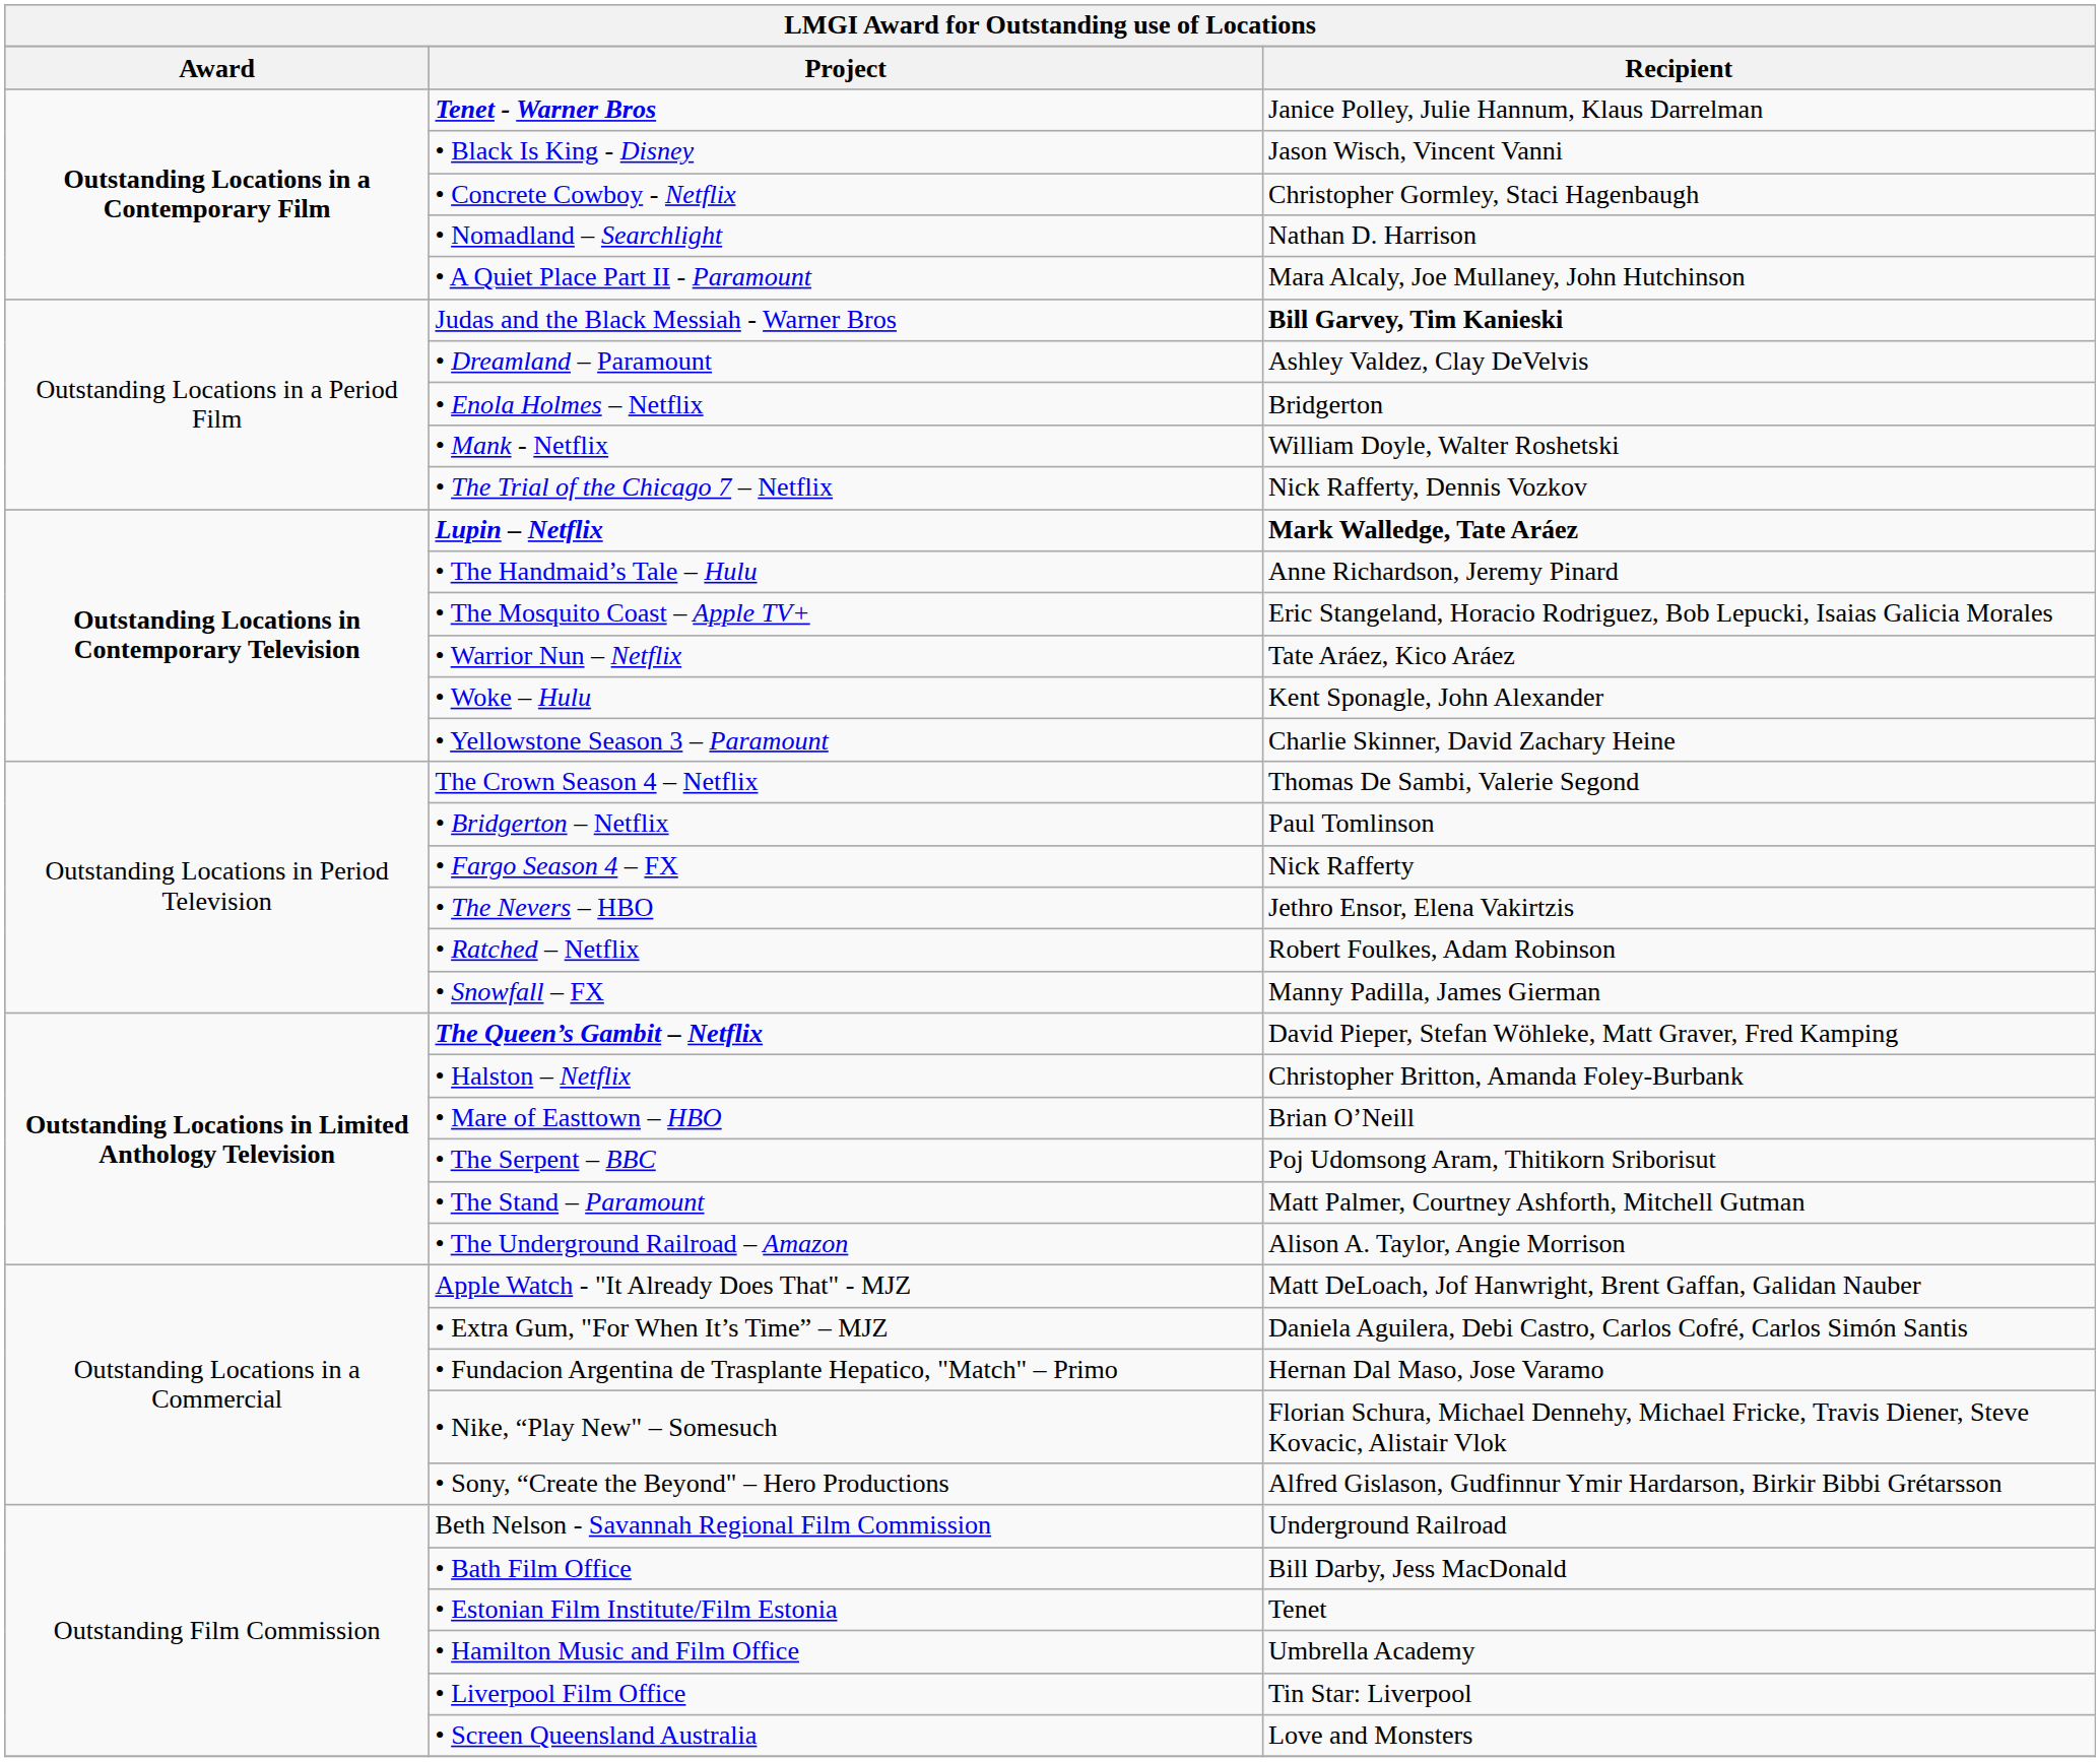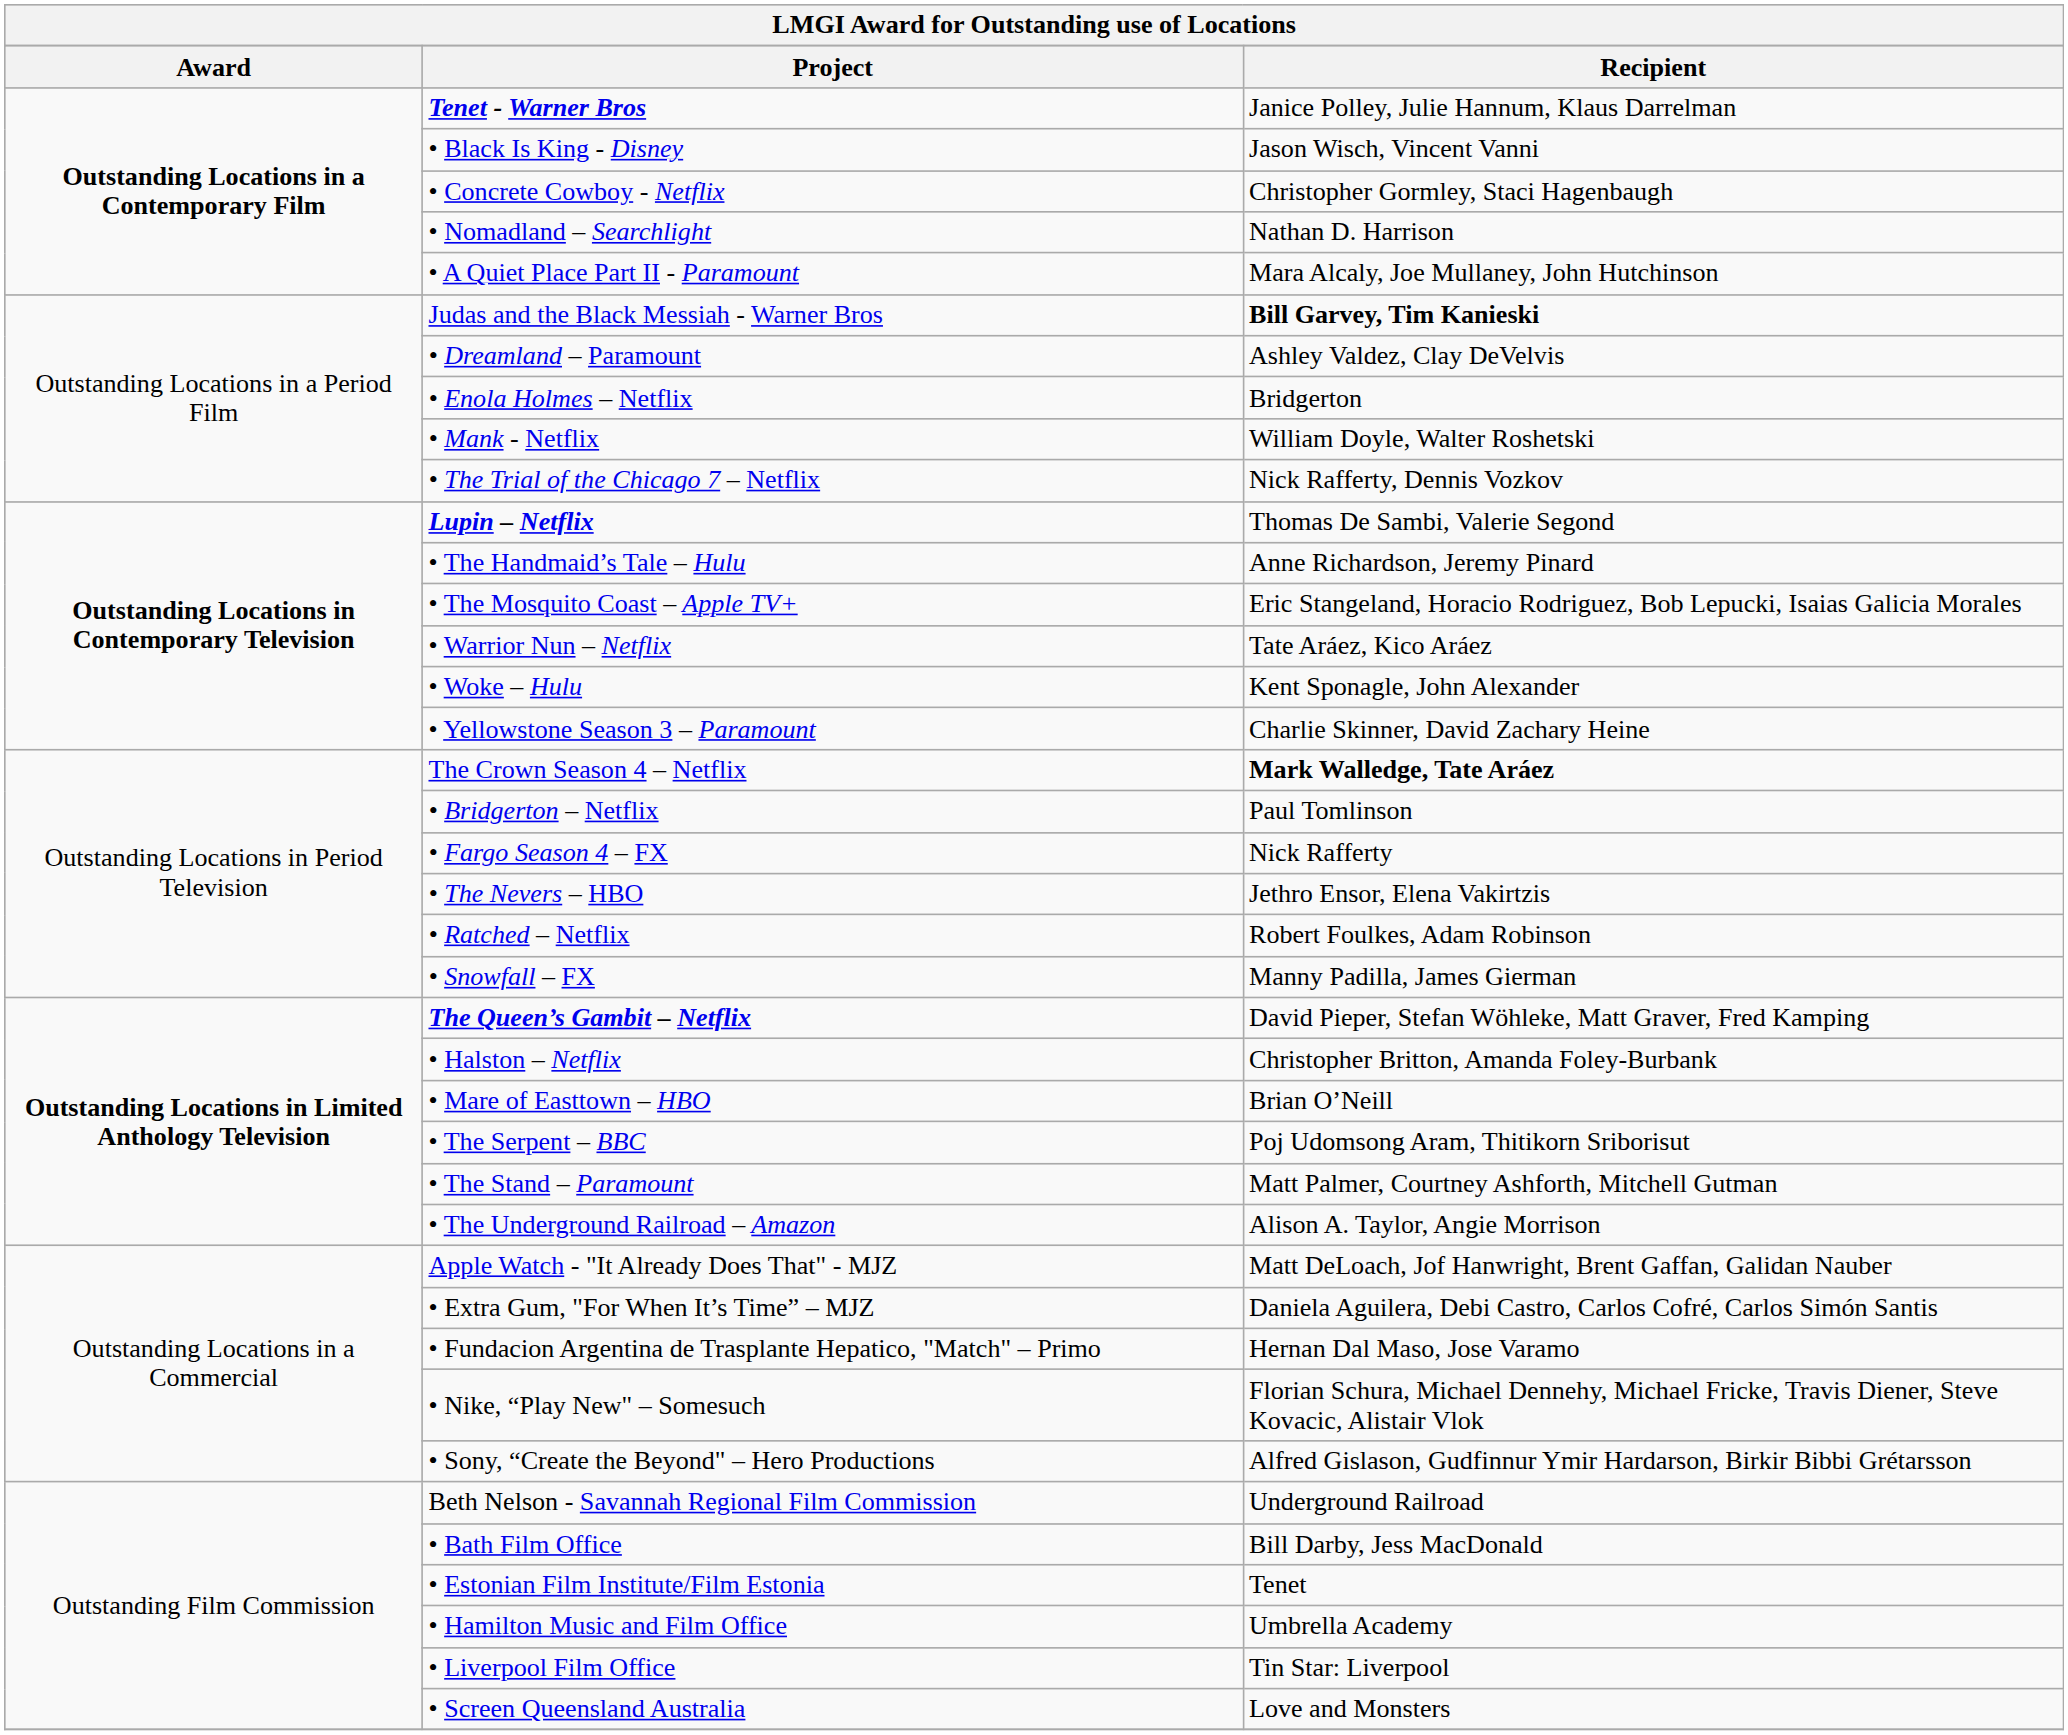 <table class=wikitable width="100%">
 <tr>
 <th colspan="3">LMGI Award for Outstanding use of Locations</th>
 </tr>
 <tr>
 </tr>
 <tr>
 <th width="200"><strong>Award</strong></th>
 <th width="400"><strong>Project</strong></th>
 <th width="400"><strong>Recipient</strong></th>
 </tr>
 <tr>
 <td rowspan="5" style="text-align:center;"><strong>Outstanding Locations in a Contemporary Film</strong></td>
 <td><strong><em> <a href='#'>Tenet</a><em> - <a href='#'>Warner Bros</a><strong></td>
 <td></strong>Janice Polley, Julie Hannum, Klaus Darrelman<strong></td>
 </tr>
 <tr>
 <td></em>• <a href='#'>Black Is King</a><em> - <a href='#'>Disney</a></td>
 <td>Jason Wisch, Vincent Vanni</td>
 </tr>
 <tr>
 <td></em>• <a href='#'>Concrete Cowboy</a><em> - <a href='#'>Netflix</a></td>
 <td>Christopher Gormley, Staci Hagenbaugh</td>
 </tr>
 <tr>
 <td></em>• <a href='#'>Nomadland</a><em> – <a href='#'>Searchlight</a></td>
 <td>Nathan D. Harrison</td>
 </tr>
 <tr>
 <td></em>• <a href='#'>A Quiet Place Part II</a><em> - <a href='#'>Paramount</a></td>
 <td>Mara Alcaly, Joe Mullaney, John Hutchinson</td>
 </tr>
 <tr>
 <td rowspan="5" style="text-align:center;"></strong>Outstanding Locations in a Period Film<strong></td>
 <td></em></strong><a href='#'>Judas and the Black Messiah</a></em> - <a href='#'>Warner Bros</a></strong></td>
 <td><strong>Bill Garvey, Tim Kanieski</strong></td>
 </tr>
 <tr>
 <td><em>• <a href='#'>Dreamland</a></em> – <a href='#'>Paramount</a></td>
 <td>Ashley Valdez, Clay DeVelvis</td>
 </tr>
 <tr>
 <td><em>• <a href='#'>Enola Holmes</a></em> – <a href='#'>Netflix</a></td>
 <td></em>Bridgerton<em></td>
 </tr>
 <tr>
 <td><em>• <a href='#'>Mank</a></em> - <a href='#'>Netflix</a></td>
 <td>William Doyle, Walter Roshetski</td>
 </tr>
 <tr>
 <td><em>• <a href='#'>The Trial of the Chicago 7</a></em> – <a href='#'>Netflix</a></td>
 <td>Nick Rafferty, Dennis Vozkov</td>
 </tr>
 <tr>
 <td rowspan="6" style="text-align:center;"><strong>Outstanding Locations in Contemporary Television</strong></td>
 <td><strong><em><a href='#'>Lupin</a><em> – <a href='#'>Netflix</a><strong></td>
-<td><strong>Mark Walledge, Tate Aráez</strong></td>
+<td></strong>Thomas De Sambi, Valerie Segond<strong></td>
 </tr>
 <tr>
 <td></em>• <a href='#'>The Handmaid’s Tale</a><em> – <a href='#'>Hulu</a></td>
 <td>Anne Richardson, Jeremy Pinard</td>
 </tr>
 <tr>
 <td></em>• <a href='#'>The Mosquito Coast</a><em> – <a href='#'>Apple TV+</a></td>
 <td>Eric Stangeland, Horacio Rodriguez, Bob Lepucki, Isaias Galicia Morales</td>
 </tr>
 <tr>
 <td></em>• <a href='#'>Warrior Nun</a><em> – <a href='#'>Netflix</a></td>
 <td>Tate Aráez, Kico Aráez</td>
 </tr>
 <tr>
 <td></em>• <a href='#'>Woke</a><em> – <a href='#'>Hulu</a></td>
 <td>Kent Sponagle, John Alexander</td>
 </tr>
 <tr>
 <td></em>• <a href='#'>Yellowstone Season 3</a><em> – <a href='#'>Paramount</a></td>
 <td>Charlie Skinner, David Zachary Heine</td>
 </tr>
 <tr>
 <td rowspan="6" style="text-align:center;"></strong>Outstanding Locations in Period Television<strong></td>
 <td></em></strong> <a href='#'>The Crown Season 4</a></em> – <a href='#'>Netflix</a></strong></td>
-<td></strong>Thomas De Sambi, Valerie Segond<strong></td>
+<td><strong>Mark Walledge, Tate Aráez</strong></td>
 </tr>
 <tr>
 <td><em>• <a href='#'>Bridgerton</a></em> – <a href='#'>Netflix</a></td>
 <td>Paul Tomlinson</td>
 </tr>
 <tr>
 <td><em>• <a href='#'>Fargo Season 4</a></em> – <a href='#'>FX</a></td>
 <td>Nick Rafferty</td>
 </tr>
 <tr>
 <td><em>• <a href='#'>The Nevers</a></em> – <a href='#'>HBO</a></td>
 <td>Jethro Ensor, Elena Vakirtzis</td>
 </tr>
 <tr>
 <td><em>• <a href='#'>Ratched</a></em> – <a href='#'>Netflix</a></td>
 <td>Robert Foulkes, Adam Robinson</td>
 </tr>
 <tr>
 <td><em>• <a href='#'>Snowfall</a></em> – <a href='#'>FX</a></td>
 <td>Manny Padilla, James Gierman</td>
 </tr>
 <tr>
 <td rowspan="6" style="text-align:center;"><strong>Outstanding Locations in Limited Anthology Television</strong></td>
 <td><strong><em><a href='#'>The Queen’s Gambit</a><em> – <a href='#'>Netflix</a><strong></td>
 <td></strong>David Pieper, Stefan Wöhleke, Matt Graver, Fred Kamping<strong></td>
 </tr>
 <tr>
 <td></em>• <a href='#'>Halston</a><em> – <a href='#'>Netflix</a></td>
 <td>Christopher Britton, Amanda Foley-Burbank</td>
 </tr>
 <tr>
 <td></em>• <a href='#'>Mare of Easttown</a><em> – <a href='#'>HBO</a></td>
 <td>Brian O’Neill</td>
 </tr>
 <tr>
 <td></em>• <a href='#'>The Serpent</a><em> – <a href='#'>BBC</a></td>
 <td>Poj Udomsong Aram, Thitikorn Sriborisut</td>
 </tr>
 <tr>
 <td></em>• <a href='#'>The Stand</a><em> – <a href='#'>Paramount</a></td>
 <td>Matt Palmer, Courtney Ashforth, Mitchell Gutman</td>
 </tr>
 <tr>
 <td></em>• <a href='#'>The Underground Railroad</a><em> – <a href='#'>Amazon</a></td>
 <td>Alison A. Taylor, Angie Morrison</td>
 </tr>
 <tr>
 <td rowspan="5" style="text-align:center;"></strong>Outstanding Locations in a Commercial<strong></td>
 <td></strong><a href='#'>Apple Watch</a> - "It Already Does That" - MJZ<strong></td>
 <td></strong>Matt DeLoach, Jof Hanwright, Brent Gaffan, Galidan Nauber<strong></td>
 </tr>
 <tr>
 <td>• Extra Gum, "For When It’s Time”  – MJZ</td>
 <td>Daniela Aguilera, Debi Castro, Carlos Cofré, Carlos Simón Santis</td>
 </tr>
 <tr>
 <td>• Fundacion Argentina de Trasplante Hepatico, "Match" – Primo</td>
 <td>Hernan Dal Maso, Jose Varamo</td>
 </tr>
 <tr>
 <td>• Nike, “Play New" – Somesuch</td>
 <td>Florian Schura, Michael Dennehy, Michael Fricke, Travis Diener, Steve Kovacic, Alistair Vlok</td>
 </tr>
 <tr>
 <td>• Sony, “Create the Beyond" – Hero Productions</td>
 <td>Alfred Gislason, Gudfinnur Ymir Hardarson, Birkir Bibbi Grétarsson</td>
 </tr>
 <tr>
 <td rowspan="6" style="text-align:center;"></strong>Outstanding Film Commission<strong></td>
 <td></strong>Beth Nelson - <a href='#'>Savannah Regional Film Commission</a><strong></td>
 <td></strong>Underground Railroad<strong></td>
 </tr>
 <tr>
 <td>• <a href='#'>Bath Film Office</a></td>
 <td>Bill Darby, Jess MacDonald</td>
 </tr>
 <tr>
 <td>• <a href='#'>Estonian Film Institute/Film Estonia</a></td>
 <td></em>Tenet<em></td>
 </tr>
 <tr>
 <td>• <a href='#'>Hamilton Music and Film Office</a></td>
 <td></em>Umbrella Academy<em></td>
 </tr>
 <tr>
 <td>• <a href='#'>Liverpool Film Office</a></td>
 <td></em>Tin Star: Liverpool<em></td>
 </tr>
 <tr>
 <td>• <a href='#'>Screen Queensland Australia</a></td>
 <td></em>Love and Monsters<em></td>
 </tr>
 <tr>
 </tr>
 </table>
